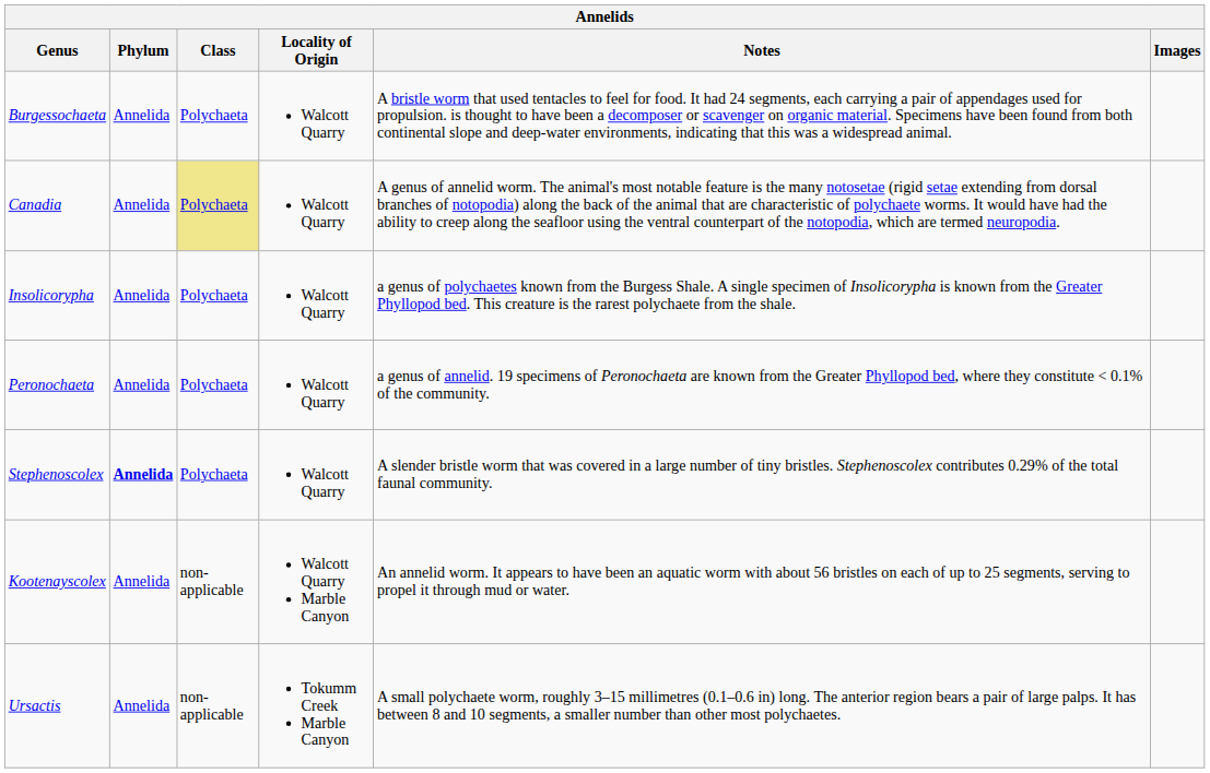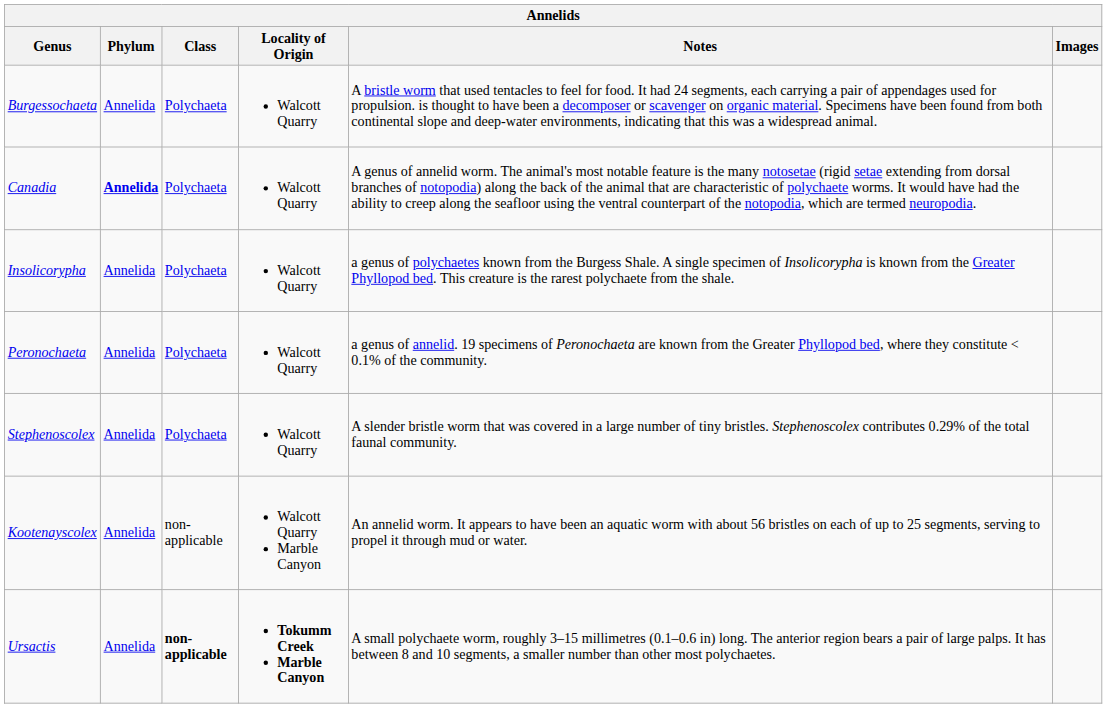 <table class="wikitable sortable mw-collapsible">
 <tr>
 <th colspan="7" align="center">Annelids</th>
 </tr>
 <tr>
 <th>Genus</th>
 <th>Phylum</th>
 <th>Class</th>
 <th>Locality of Origin</th>
 <th>Notes</th>
 <th>Images</th>
 </tr>
 <tr>
 <td><em><a href='#'>Burgessochaeta</a></em></td>
 <td><a href='#'>Annelida</a></td>
 <td><a href='#'>Polychaeta</a></td>
 <td><br><ul><li>Walcott Quarry</li></ul></td>
 <td>A <a href='#'>bristle worm</a> that used tentacles to feel for food. It had 24 segments, each carrying a pair of appendages used for propulsion. is thought to have been a <a href='#'>decomposer</a> or <a href='#'>scavenger</a> on <a href='#'>organic material</a>. Specimens have been found from both continental slope and deep-water environments, indicating that this was a widespread animal.</td>
 <td></td>
 </tr>
 <tr>
 <td><em><a href='#'>Canadia</a></em></td>
-<td><a href='#'>Annelida</a></td>
-<td style="background: khaki;"><a href='#'>Polychaeta</a></td>
+<td><strong><a href='#'>Annelida</a></strong></td>
+<td><a href='#'>Polychaeta</a></td>
 <td><br><ul><li>Walcott Quarry</li></ul></td>
 <td>A genus of annelid worm. The animal's most notable feature is the many <a href='#'>notosetae</a> (rigid <a href='#'>setae</a> extending from dorsal branches of <a href='#'>notopodia</a>) along the back of the animal that are characteristic of <a href='#'>polychaete</a> worms. It would have had the ability to creep along the seafloor using the ventral counterpart of the <a href='#'>notopodia</a>, which are termed <a href='#'>neuropodia</a>.</td>
 <td></td>
 </tr>
 <tr>
 <td><em><a href='#'>Insolicorypha</a></em></td>
 <td><a href='#'>Annelida</a></td>
 <td><a href='#'>Polychaeta</a></td>
 <td><br><ul><li>Walcott Quarry</li></ul></td>
 <td>a genus of <a href='#'>polychaetes</a> known from the Burgess Shale. A single specimen of <em>Insolicorypha</em> is known from the <a href='#'>Greater Phyllopod bed</a>. This creature is the rarest polychaete from the shale.</td>
 <td></td>
 </tr>
 <tr>
 <td><em><a href='#'>Peronochaeta</a></em></td>
 <td><a href='#'>Annelida</a></td>
 <td><a href='#'>Polychaeta</a></td>
 <td><br><ul><li>Walcott Quarry</li></ul></td>
 <td>a genus of <a href='#'>annelid</a>. 19 specimens of <em>Peronochaeta</em> are known from the Greater <a href='#'>Phyllopod bed</a>, where they constitute < 0.1% of the community.</td>
 <td></td>
 </tr>
 <tr>
 <td><em><a href='#'>Stephenoscolex</a></em></td>
-<td><strong><a href='#'>Annelida</a></strong></td>
+<td><a href='#'>Annelida</a></td>
 <td><a href='#'>Polychaeta</a></td>
 <td><br><ul><li>Walcott Quarry</li></ul></td>
 <td>A slender bristle worm that was covered in a large number of tiny bristles. <em>Stephenoscolex</em> contributes 0.29% of the total faunal community.</td>
 <td></td>
 </tr>
 <tr>
 <td><em><a href='#'>Kootenayscolex</a></em></td>
 <td><a href='#'>Annelida</a></td>
 <td>non-applicable</td>
 <td><br><ul><li>Walcott Quarry</li><li>Marble Canyon</li></ul></td>
 <td>An annelid worm. It appears to have been an aquatic worm with about 56 bristles on each of up to 25 segments, serving to propel it through mud or water.</td>
 <td></td>
 </tr>
 <tr>
 <td><em><a href='#'>Ursactis</a></em></td>
 <td><a href='#'>Annelida</a></td>
-<td>non-applicable</td>
-<td><br><ul><li>Tokumm Creek</li><li>Marble Canyon</li></ul></td>
+<td><strong>non-applicable</strong></td>
+<td><strong><br><ul><li>Tokumm Creek</li><li>Marble Canyon</li></ul></strong></td>
 <td>A small polychaete worm, roughly 3–15 millimetres (0.1–0.6 in) long. The anterior region bears a pair of large palps. It has between 8 and 10 segments, a smaller number than other most polychaetes.</td>
 <td></td>
 </tr>
 </table>
